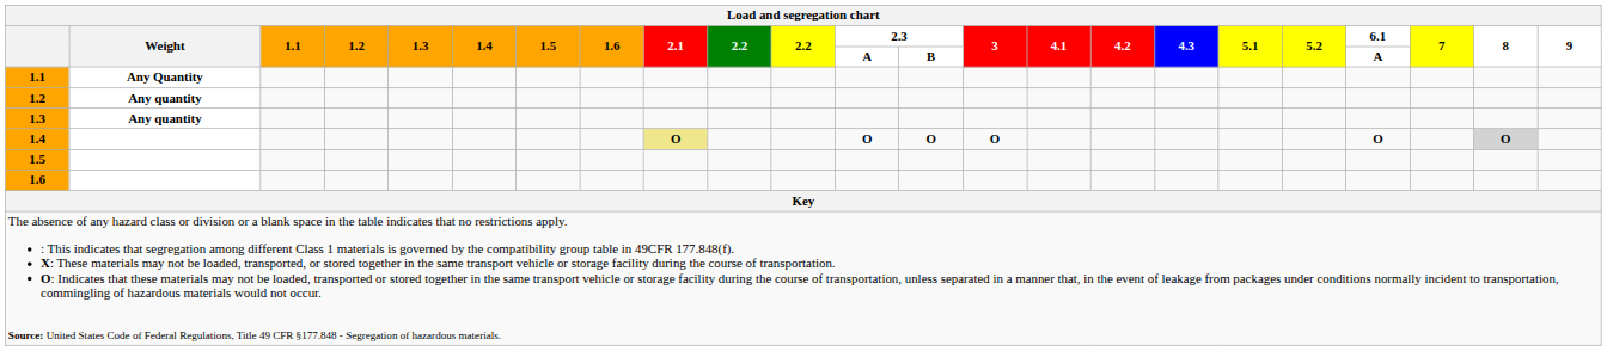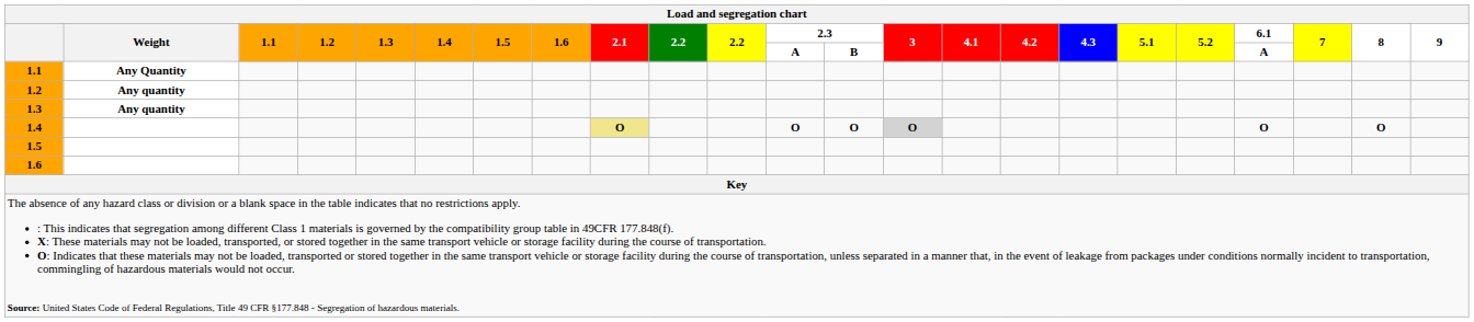 <table width=99% align=center class=wikitable>
 <tr>
 <th colspan=23>Load and segregation chart</th>
 </tr>
 <tr>
 <th rowspan=2 width=4%> </th>
 <th rowspan=2><strong>Weight</strong></th>
 <td rowspan=2 style="text-align:center;background-color:orange;" width=4%><strong>1.1</strong></td>
 <td rowspan=2 style="text-align:center;background-color:orange;" width=4%><strong>1.2</strong></td>
 <td rowspan=2 style="text-align:center;background-color:orange;" width=4%><strong>1.3</strong></td>
 <td rowspan=2 style="text-align:center;background-color:orange;" width=4%><strong>1.4</strong></td>
 <td rowspan=2 style="text-align:center;background-color:orange;" width=4%><strong>1.5</strong></td>
 <td rowspan=2 style="text-align:center;background-color:orange;" width=4%><strong>1.6</strong></td>
 <td rowspan=2 style="text-align:center;background-color:red;color:white;" width=4%><strong>2.1</strong></td>
 <td rowspan=2 style="text-align:center;background-color:green;color:white;" width=4%><strong>2.2</strong></td>
 <td rowspan=2 style="text-align:center;background-color:yellow;" width=4%><strong>2.2</strong></td>
 <td colspan=2 style="text-align:center;background-color:white;" width=8%><strong>2.3</strong></td>
 <td rowspan=2 style="text-align:center;background-color:red;color:white;" width=4%><strong>3</strong></td>
 <td rowspan=2 style="text-align:center;background-color:red;color:white;" width=4%><strong>4.1</strong></td>
 <td rowspan=2 style="text-align:center;background-color:red;color:white;" width=4%><strong>4.2</strong></td>
 <td rowspan=2 style="text-align:center;background-color:blue;color:white;" width=4%><strong>4.3</strong></td>
 <td rowspan=2 style="text-align:center;background-color:yellow;" width=4%><strong>5.1</strong></td>
 <td rowspan=2 style="text-align:center;background-color:yellow;" width=4%><strong>5.2</strong></td>
 <td style="text-align:center;background-color:white;" width=4%><strong>6.1</strong></td>
 <td rowspan=2 style="text-align:center;background-color:yellow;" width=4%><strong>7</strong></td>
 <td rowspan=2 style="text-align:center;background-color:white;" width=4%><strong>8</strong></td>
 <td rowspan=2 style="text-align:center;background-color:white;" width=4%><strong>9</strong></td>
 </tr>
 <tr>
 <td style="text-align:center;background-color:white;" width=4%><strong>A</strong></td>
 <td style="text-align:center;background-color:white;" width=4%><strong>B</strong></td>
 <td style="text-align:center;background-color:white;"><strong>A</strong></td>
 </tr>
 <tr>
 <td style="text-align:center;background-color:orange;"><strong>1.1</strong></td>
 <td style="text-align:center;background-color:white;"><strong>Any Quantity</strong></td>
 <td style="text-align:center;"></td>
 <td style="text-align:center;"></td>
 <td style="text-align:center;"></td>
 <td style="text-align:center;"></td>
 <td style="text-align:center;"></td>
 <td style="text-align:center;"></td>
 <td></td>
 <td></td>
 <td></td>
 <td></td>
 <td></td>
 <td></td>
 <td></td>
 <td></td>
 <td></td>
 <td></td>
 <td></td>
 <td></td>
 <td></td>
 <td></td>
 <td style="text-align:center;"> </td>
 </tr>
 <tr>
 <td style="text-align:center;background-color:orange;"><strong>1.2</strong></td>
 <td style="text-align:center;background-color:white;"><strong>Any quantity</strong></td>
 <td style="text-align:center;"></td>
 <td style="text-align:center;"></td>
 <td style="text-align:center;"></td>
 <td style="text-align:center;"></td>
 <td style="text-align:center;"></td>
 <td style="text-align:center;"></td>
 <td></td>
 <td></td>
 <td></td>
 <td></td>
 <td></td>
 <td></td>
 <td></td>
 <td></td>
 <td></td>
 <td></td>
 <td></td>
 <td></td>
 <td></td>
 <td></td>
 <td style="text-align:center;"> </td>
 </tr>
 <tr>
 <td style="text-align:center;background-color:orange;"><strong>1.3</strong></td>
 <td style="text-align:center;background-color:white;"><strong>Any quantity</strong></td>
 <td style="text-align:center;"></td>
 <td style="text-align:center;"></td>
 <td style="text-align:center;"></td>
 <td style="text-align:center;"></td>
 <td style="text-align:center;"></td>
 <td style="text-align:center;"></td>
 <td></td>
 <td></td>
 <td></td>
 <td></td>
 <td></td>
 <td></td>
 <td></td>
 <td></td>
 <td></td>
 <td></td>
 <td></td>
 <td></td>
 <td></td>
 <td></td>
 <td style="text-align:center;"> </td>
 </tr>
 <tr>
 <td style="text-align:center;background-color:orange;"><strong>1.4</strong></td>
 <td style="text-align:center;background-color:white;"><strong></strong></td>
 <td style="text-align:center;"></td>
 <td style="text-align:center;"></td>
 <td style="text-align:center;"></td>
 <td style="text-align:center;"></td>
 <td style="text-align:center;"></td>
 <td style="text-align:center;"></td>
 <td style="background: khaki; text-align:center;"><strong>O</strong></td>
 <td style="text-align:center;"> </td>
 <td style="text-align:center;"> </td>
 <td style="text-align:center;"><strong>O</strong></td>
 <td style="text-align:center;"><strong>O</strong></td>
-<td style="text-align:center;"><strong>O</strong></td>
+<td style="background: lightgrey; text-align:center;"><strong>O</strong></td>
 <td style="text-align:center;"> </td>
 <td style="text-align:center;"> </td>
 <td style="text-align:center;"> </td>
 <td style="text-align:center;"> </td>
 <td style="text-align:center;"> </td>
 <td style="text-align:center;"><strong>O</strong></td>
 <td style="text-align:center;"> </td>
-<td style="background: lightgrey; text-align:center;"><strong>O</strong></td>
+<td style="text-align:center;"><strong>O</strong></td>
 <td style="text-align:center;"> </td>
 </tr>
 <tr>
 <td style="text-align:center;background-color:orange;"><strong>1.5</strong></td>
 <td style="text-align:center;background-color:white;"><strong></strong></td>
 <td style="text-align:center;"></td>
 <td style="text-align:center;"></td>
 <td style="text-align:center;"></td>
 <td style="text-align:center;"></td>
 <td style="text-align:center;"></td>
 <td style="text-align:center;"></td>
 <td></td>
 <td></td>
 <td></td>
 <td></td>
 <td></td>
 <td></td>
 <td></td>
 <td></td>
 <td></td>
 <td></td>
 <td></td>
 <td></td>
 <td></td>
 <td></td>
 <td style="text-align:center;"> </td>
 </tr>
 <tr>
 <td style="text-align:center;background-color:orange;"><strong>1.6</strong></td>
 <td style="text-align:center;background-color:white;"><strong></strong></td>
 <td style="text-align:center;"></td>
 <td style="text-align:center;"></td>
 <td style="text-align:center;"></td>
 <td style="text-align:center;"></td>
 <td style="text-align:center;"></td>
 <td style="text-align:center;"></td>
 <td style="text-align:center;"> </td>
 <td style="text-align:center;"> </td>
 <td style="text-align:center;"> </td>
 <td style="text-align:center;"> </td>
 <td style="text-align:center;"> </td>
 <td style="text-align:center;"> </td>
 <td style="text-align:center;"> </td>
 <td style="text-align:center;"> </td>
 <td style="text-align:center;"> </td>
 <td style="text-align:center;"> </td>
 <td style="text-align:center;"> </td>
 <td style="text-align:center;"> </td>
 <td style="text-align:center;"> </td>
 <td style="text-align:center;"> </td>
 <td style="text-align:center;"> </td>
 </tr>
 <tr>
 <th colspan=23>Key</th>
 </tr>
 <tr>
 <td colspan=23>The absence of any hazard class or division or a blank space in the table indicates that no restrictions apply.<br><ul><li>: This indicates that segregation among different Class 1 materials is governed by the compatibility group table in 49CFR 177.848(f).</li><li><strong>X</strong>: These materials may not be loaded, transported, or stored together in the same transport vehicle or storage facility during the course of transportation.</li><li><strong>O</strong>: Indicates that these materials may not be loaded, transported or stored together in the same transport vehicle or storage facility during the course of transportation, unless separated in a manner that, in the event of leakage from packages under conditions normally incident to transportation, commingling of hazardous materials would not occur.</li></ul><br><small><strong>Source:</strong> United States Code of Federal Regulations, Title 49 CFR §177.848 - Segregation of hazardous materials. </small></td>
 </tr>
 </table>
